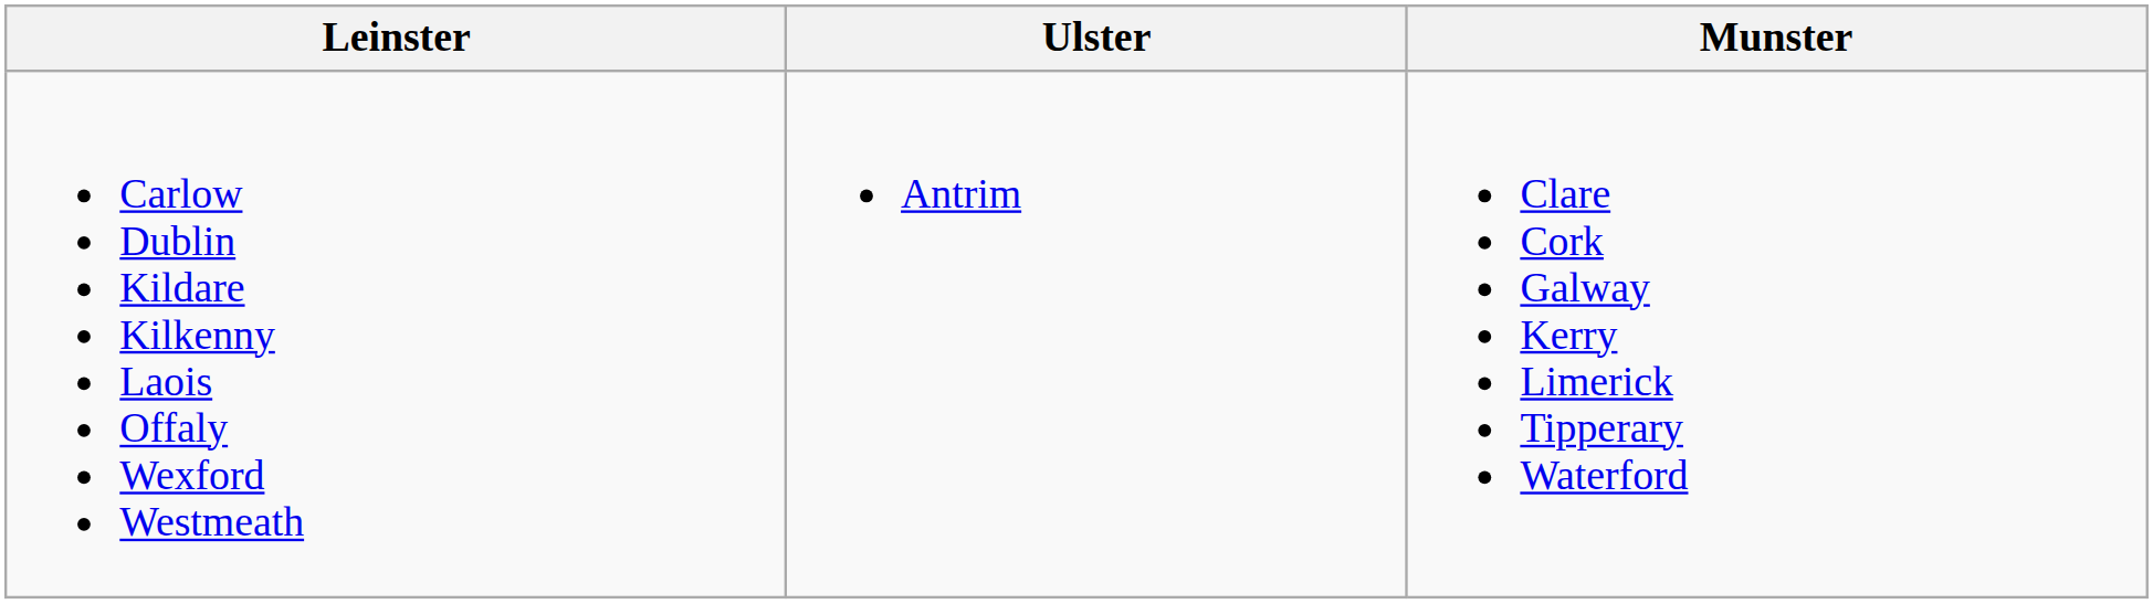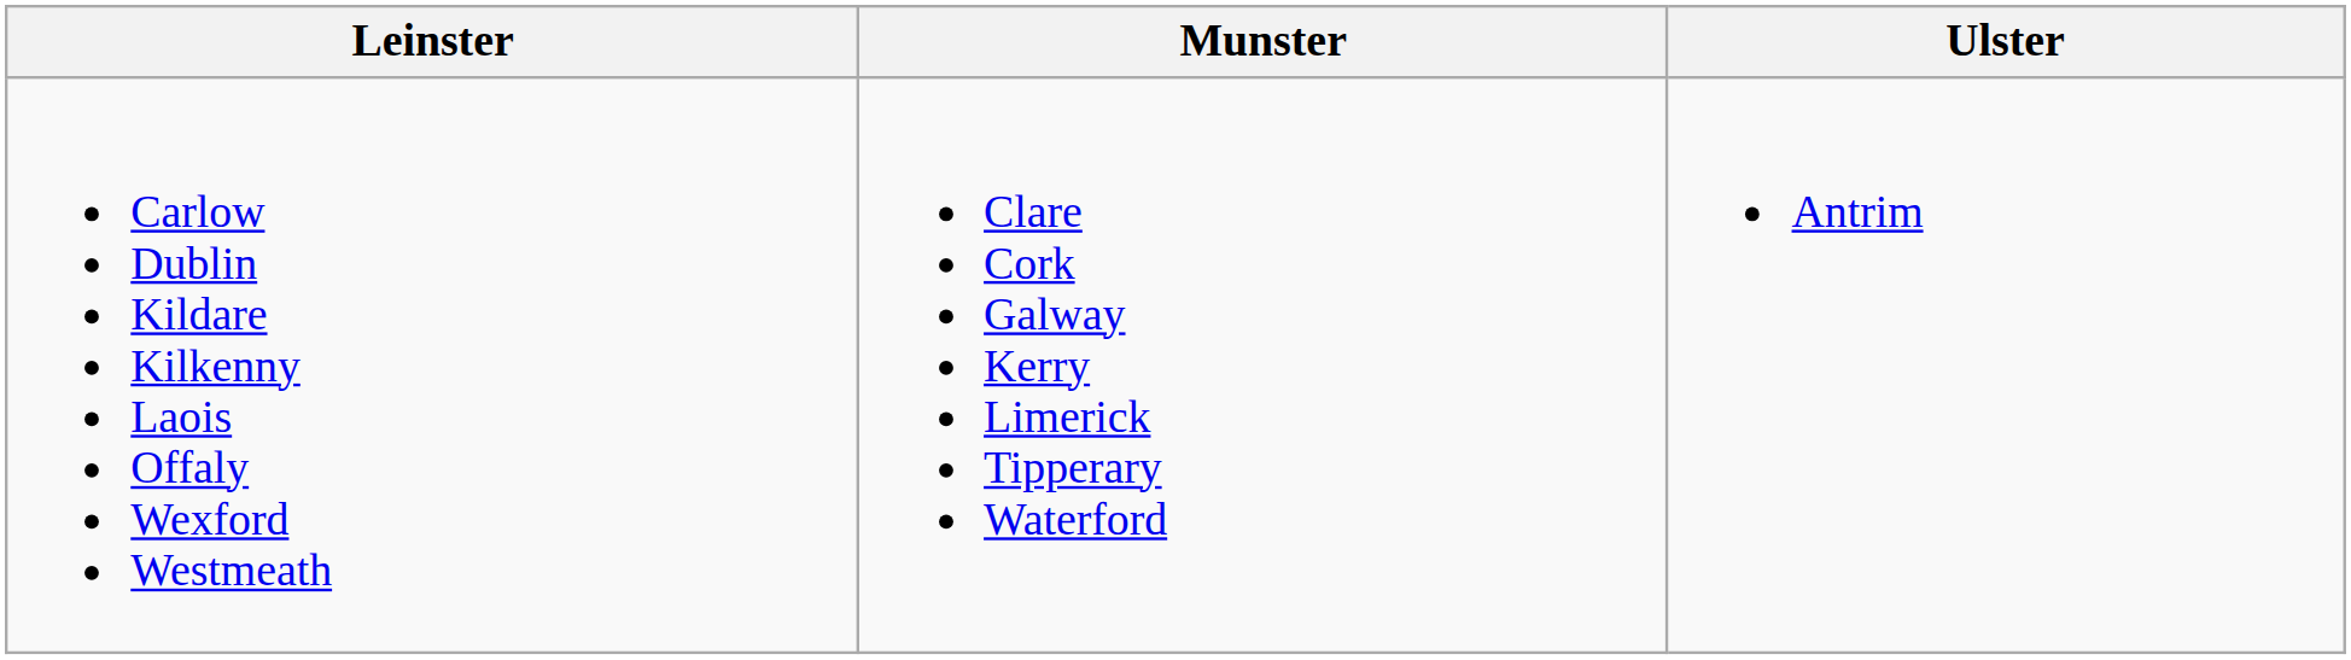 <table class="wikitable" width=65%>
 <tr>
 <th>Leinster</th>
+<th>Munster</th>
 <th>Ulster</th>
-<th>Munster</th>
 </tr>
 <tr valign=top>
 <td><br><ul><li><a href='#'>Carlow</a></li><li><a href='#'>Dublin</a></li><li><a href='#'>Kildare</a></li><li><a href='#'>Kilkenny</a></li><li><a href='#'>Laois</a></li><li><a href='#'>Offaly</a></li><li><a href='#'>Wexford</a></li><li><a href='#'>Westmeath</a></li></ul></td>
+<td><br><ul><li><a href='#'>Clare</a></li><li><a href='#'>Cork</a></li><li><a href='#'>Galway</a></li><li><a href='#'>Kerry</a></li><li><a href='#'>Limerick</a></li><li><a href='#'>Tipperary</a></li><li><a href='#'>Waterford</a></li></ul></td>
 <td><br><ul><li><a href='#'>Antrim</a></li></ul></td>
-<td><br><ul><li><a href='#'>Clare</a></li><li><a href='#'>Cork</a></li><li><a href='#'>Galway</a></li><li><a href='#'>Kerry</a></li><li><a href='#'>Limerick</a></li><li><a href='#'>Tipperary</a></li><li><a href='#'>Waterford</a></li></ul></td>
 </tr>
 </table>
